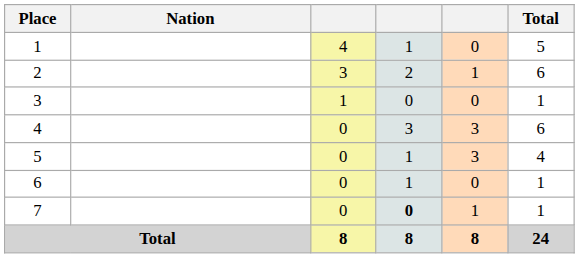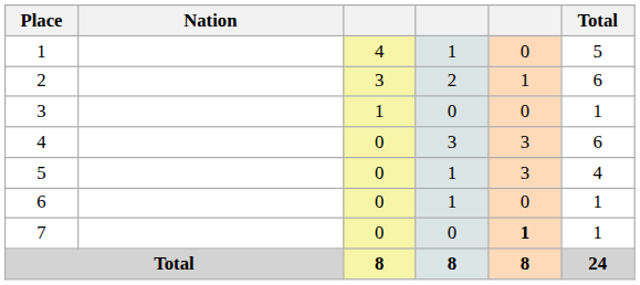 <table class=wikitable style="border:1px solid #AAAAAA;font-size:90%">
 <tr bgcolor="#EFEFEF">
 <th width=50>Place</th>
 <th width=200>Nation</th>
 <th width=50></th>
 <th width=50></th>
 <th width=50></th>
 <th width=50>Total</th>
 </tr>
 <tr align="center" valign="top" bgcolor="#FFFFFF">
 <td>1</td>
 <td align="left"></td>
 <td style="background:#F7F6A8;">4</td>
 <td style="background:#DCE5E5;">1</td>
 <td style="background:#FFDAB9;">0</td>
 <td>5</td>
 </tr>
 <tr align="center" valign="top" bgcolor="#FFFFFF">
 <td>2</td>
 <td align="left"></td>
 <td style="background:#F7F6A8;">3</td>
 <td style="background:#DCE5E5;">2</td>
 <td style="background:#FFDAB9;">1</td>
 <td>6</td>
 </tr>
 <tr align="center" valign="top" bgcolor="#FFFFFF">
 <td>3</td>
 <td align="left"></td>
 <td style="background:#F7F6A8;">1</td>
 <td style="background:#DCE5E5;">0</td>
 <td style="background:#FFDAB9;">0</td>
 <td>1</td>
 </tr>
 <tr align="center" valign="top" bgcolor="#FFFFFF">
 <td>4</td>
 <td align="left"></td>
 <td style="background:#F7F6A8;">0</td>
 <td style="background:#DCE5E5;">3</td>
 <td style="background:#FFDAB9;">3</td>
 <td>6</td>
 </tr>
 <tr align="center" valign="top" bgcolor="#FFFFFF">
 <td>5</td>
 <td align="left"></td>
 <td style="background:#F7F6A8;">0</td>
 <td style="background:#DCE5E5;">1</td>
 <td style="background:#FFDAB9;">3</td>
 <td>4</td>
 </tr>
 <tr align="center" valign="top" bgcolor="#FFFFFF">
 <td>6</td>
 <td align="left"></td>
 <td style="background:#F7F6A8;">0</td>
 <td style="background:#DCE5E5;">1</td>
 <td style="background:#FFDAB9;">0</td>
 <td>1</td>
 </tr>
 <tr align="center" valign="top" bgcolor="#FFFFFF">
 <td>7</td>
 <td align="left"></td>
 <td style="background:#F7F6A8;">0</td>
-<td style="background:#DCE5E5;"><strong>0</strong></td>
-<td style="background:#FFDAB9;">1</td>
+<td style="background:#DCE5E5;">0</td>
+<td style="background:#FFDAB9;"><strong>1</strong></td>
 <td>1</td>
 </tr>
 <tr align="center">
 <td colspan="2" bgcolor=D3D3D3><strong>Total</strong></td>
 <td style="background:#F7F6A8;"><strong>8</strong></td>
 <td style="background:#DCE5E5;"><strong>8</strong></td>
 <td style="background:#FFDAB9;"><strong>8</strong></td>
 <td bgcolor=D3D3D3><strong>24</strong></td>
 </tr>
 </table>
